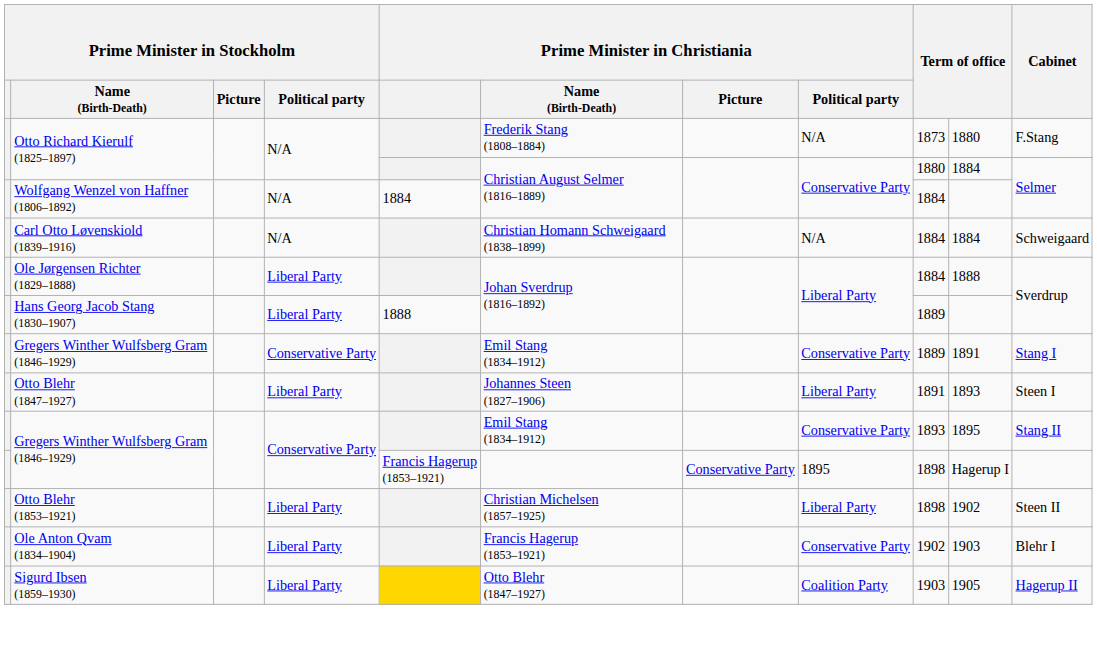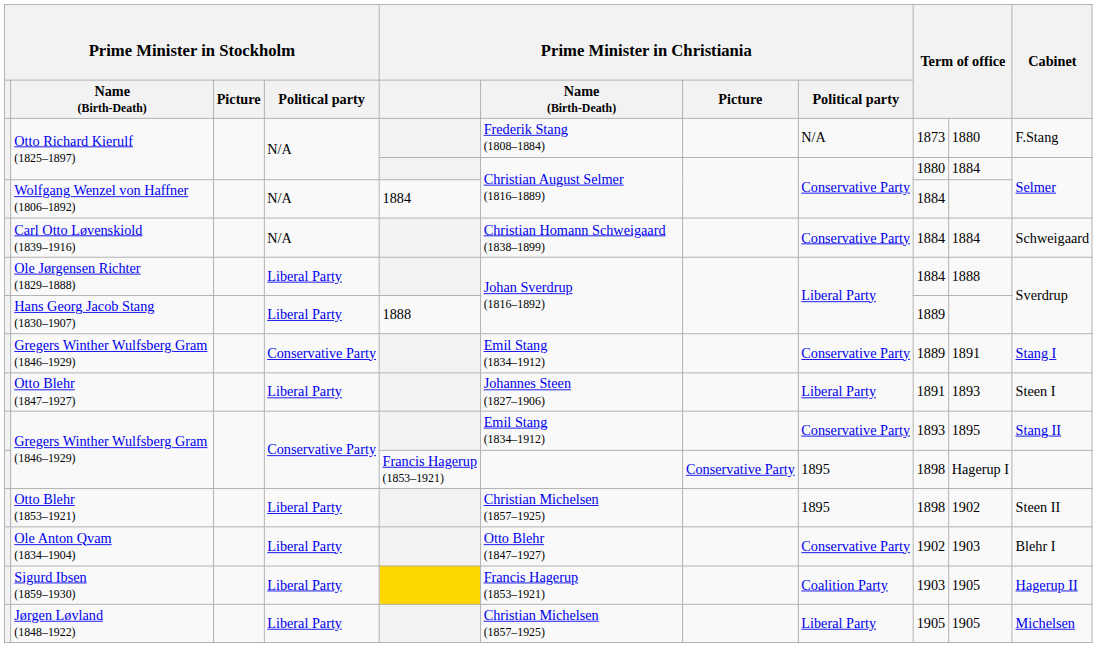 <table class="wikitable">
 <tr>
 <th colspan=4><br><h3>Prime Minister in Stockholm</h3></th>
 <th colspan=4><br><h3>Prime Minister in Christiania</h3></th>
 <th colspan=2 rowspan=2>Term of office</th>
 <th rowspan=2>Cabinet</th>
 </tr>
 <tr>
 <th></th>
 <th width=220>Name<br><small>(Birth-Death)</small></th>
 <th>Picture</th>
 <th>Political party</th>
 <th></th>
 <th width=220>Name<br><small>(Birth-Death)</small></th>
 <th>Picture</th>
 <th>Political party</th>
 </tr>
 <tr>
 <th rowspan=2></th>
 <td rowspan=2><a href='#'>Otto Richard Kierulf</a><br><small>(1825–1897)</small></td>
 <td rowspan=2></td>
 <td rowspan=2>N/A</td>
 <th rowspan=1></th>
 <td rowspan=1><a href='#'>Frederik Stang</a><br><small>(1808–1884)</small></td>
 <td rowspan=1></td>
 <td>N/A</td>
 <td>1873</td>
 <td>1880</td>
 <td>F.Stang</td>
 </tr>
 <tr>
 <th style="background:"></th>
 <td rowspan=2><a href='#'>Christian August Selmer</a><br><small>(1816–1889)</small></td>
 <td rowspan=2></td>
 <td rowspan=2><a href='#'>Conservative Party</a></td>
 <td rowspan=1>1880</td>
 <td rowspan=1>1884</td>
 <td rowspan=2><a href='#'>Selmer</a></td>
 </tr>
 <tr>
 <th></th>
 <td><a href='#'>Wolfgang Wenzel von Haffner</a><br><small>(1806–1892)</small><br></td>
 <td></td>
 <td>N/A</td>
 <td>1884</td>
 <td>1884</td>
 </tr>
 <tr>
 <th></th>
 <td><a href='#'>Carl Otto Løvenskiold</a><br><small>(1839–1916)</small></td>
 <td></td>
 <td>N/A</td>
 <th style="background:"></th>
 <td><a href='#'>Christian Homann Schweigaard</a><br><small>(1838–1899)</small></td>
 <td></td>
-<td>N/A</td>
+<td><a href='#'>Conservative Party</a></td>
 <td>1884</td>
 <td>1884</td>
 <td>Schweigaard</td>
 </tr>
 <tr>
 <th style="background:"></th>
 <td><a href='#'>Ole Jørgensen Richter</a><br><small>(1829–1888)</small></td>
 <td></td>
 <td><a href='#'>Liberal Party</a></td>
 <th style="background:"></th>
 <td rowspan=2><a href='#'>Johan Sverdrup</a><br><small>(1816–1892)</small></td>
 <td rowspan=2></td>
 <td rowspan=2><a href='#'>Liberal Party</a></td>
 <td>1884</td>
 <td>1888</td>
 <td rowspan=2>Sverdrup<br></td>
 </tr>
 <tr>
 <th style="background:"></th>
 <td><a href='#'>Hans Georg Jacob Stang</a><br><small>(1830–1907)</small></td>
 <td></td>
 <td><a href='#'>Liberal Party</a></td>
 <td>1888</td>
 <td>1889</td>
 </tr>
 <tr>
 <th style="background:"></th>
 <td><a href='#'>Gregers Winther Wulfsberg Gram</a><br><small>(1846–1929)</small></td>
 <td></td>
 <td><a href='#'>Conservative Party</a></td>
 <th style="background:"></th>
 <td><a href='#'>Emil Stang</a><br><small>(1834–1912)</small></td>
 <td></td>
 <td><a href='#'>Conservative Party</a></td>
 <td>1889</td>
 <td>1891</td>
 <td><a href='#'>Stang I</a><br></td>
 </tr>
 <tr>
 <th style="background:"></th>
 <td><a href='#'>Otto Blehr</a><br><small>(1847–1927)</small></td>
 <td></td>
 <td><a href='#'>Liberal Party</a></td>
 <th style="background:"></th>
 <td><a href='#'>Johannes Steen</a><br><small>(1827–1906)</small></td>
 <td></td>
 <td><a href='#'>Liberal Party</a></td>
 <td>1891</td>
 <td>1893</td>
 <td>Steen I<br></td>
 </tr>
 <tr>
 <th style="background:"></th>
 <td rowspan=2><a href='#'>Gregers Winther Wulfsberg Gram</a><br><small>(1846–1929)</small></td>
 <td rowspan=2></td>
 <td rowspan=2><a href='#'>Conservative Party</a></td>
 <th style="background:"></th>
 <td><a href='#'>Emil Stang</a><br><small>(1834–1912)</small></td>
 <td></td>
 <td><a href='#'>Conservative Party</a></td>
 <td>1893</td>
 <td>1895</td>
 <td><a href='#'>Stang II</a><br></td>
 </tr>
 <tr>
 <th style="background:"></th>
 <td><a href='#'>Francis Hagerup</a><br><small>(1853–1921)</small></td>
 <td></td>
 <td><a href='#'>Conservative Party</a></td>
 <td>1895</td>
 <td>1898</td>
 <td>Hagerup I<br></td>
 </tr>
 <tr>
 <th style="background:"></th>
 <td><a href='#'>Otto Blehr</a><br><small>(1853–1921)</small></td>
 <td></td>
 <td><a href='#'>Liberal Party</a></td>
 <th style="background:"></th>
 <td><a href='#'>Christian Michelsen</a><br><small>(1857–1925)</small></td>
 <td></td>
-<td><a href='#'>Liberal Party</a></td>
+<td>1895</td>
 <td>1898</td>
 <td>1902</td>
 <td>Steen II<br></td>
 </tr>
 <tr>
 <th style="background:"></th>
 <td><a href='#'>Ole Anton Qvam</a><br><small>(1834–1904)</small></td>
 <td></td>
 <td><a href='#'>Liberal Party</a></td>
 <th style="background:"></th>
-<td><a href='#'>Francis Hagerup</a><br><small>(1853–1921)</small></td>
+<td><a href='#'>Otto Blehr</a><br><small>(1847–1927)</small></td>
 <td></td>
 <td><a href='#'>Conservative Party</a></td>
 <td>1902</td>
 <td>1903</td>
 <td>Blehr I<br></td>
 </tr>
 <tr>
 <th style="background:"></th>
 <td><a href='#'>Sigurd Ibsen</a><br><small>(1859–1930)</small></td>
 <td></td>
 <td><a href='#'>Liberal Party</a></td>
 <td style="background:gold;"></td>
-<td><a href='#'>Otto Blehr</a><br><small>(1847–1927)</small></td>
+<td><a href='#'>Francis Hagerup</a><br><small>(1853–1921)</small></td>
 <td></td>
 <td><a href='#'>Coalition Party</a></td>
 <td>1903</td>
 <td>1905</td>
 <td><a href='#'>Hagerup II</a><br></td>
 </tr>
+<tr>
+<th style="background:"></th>
+<td><a href='#'>Jørgen Løvland</a><br><small>(1848–1922)</small></td>
+<td></td>
+<td><a href='#'>Liberal Party</a></td>
+<th style="background:"></th>
+<td><a href='#'>Christian Michelsen</a><br><small>(1857–1925)</small></td>
+<td></td>
+<td><a href='#'>Liberal Party</a></td>
+<td>1905</td>
+<td>1905</td>
+<td><a href='#'>Michelsen</a><br></td>
+</tr>
 </table>
